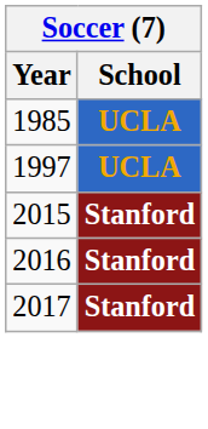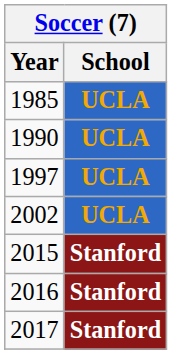 <table class="wikitable">
 <tr>
 <th colspan=2><a href='#'>Soccer</a> (7)</th>
 </tr>
 <tr>
 <th>Year</th>
 <th>School</th>
 </tr>
 <tr>
 <td>1985</td>
 <th style="background:#2D68C4; color:#F2A900;">UCLA</th>
 </tr>
 <tr>
+<td>1990</td>
+<th style="background:#2D68C4; color:#F2A900;">UCLA</th>
+</tr>
+<tr>
 <td>1997</td>
+<th style="background:#2D68C4; color:#F2A900;">UCLA</th>
+</tr>
+<tr>
+<td>2002</td>
 <th style="background:#2D68C4; color:#F2A900;">UCLA</th>
 </tr>
 <tr>
 <td>2015</td>
 <th style="background:#8C1515; color:#FFFFFF;">Stanford</th>
 </tr>
 <tr>
 <td>2016</td>
 <th style="background:#8C1515; color:#FFFFFF;">Stanford</th>
 </tr>
 <tr>
 <td>2017</td>
 <th style="background:#8C1515; color:#FFFFFF;">Stanford</th>
 </tr>
 </table>
